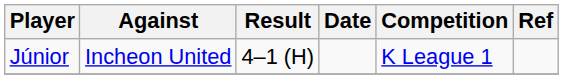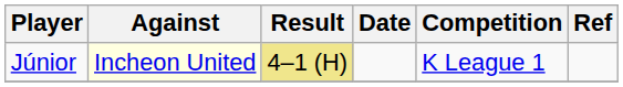 <table class="wikitable">
 <tr>
 <th>Player</th>
 <th>Against</th>
 <th style="text-align:center">Result</th>
 <th>Date</th>
 <th style="text-align:center">Competition</th>
 <th>Ref</th>
 </tr>
 <tr>
 <td> <a href='#'>Júnior</a></td>
-<td> <a href='#'>Incheon United</a></td>
-<td>4–1 (H)</td>
+<td style="background: lightyellow;"> <a href='#'>Incheon United</a></td>
+<td style="background: khaki;">4–1 (H)</td>
 <td></td>
 <td><a href='#'>K League 1</a></td>
 <td></td>
 </tr>
 <tr>
 </tr>
 </table>
